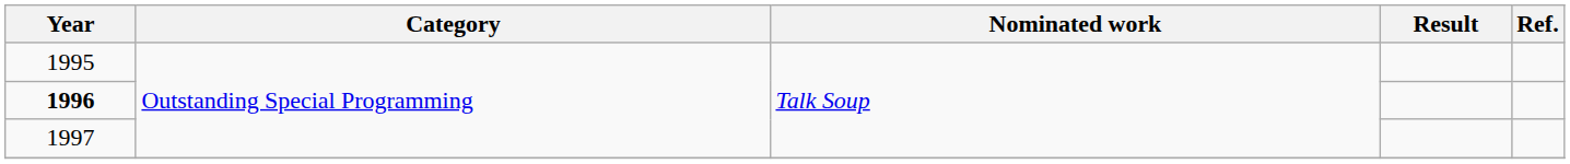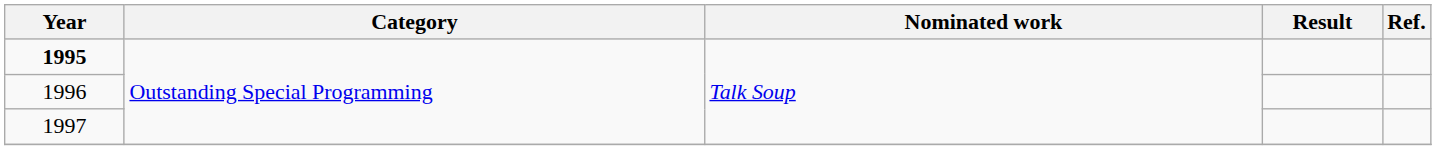 <table class=wikitable>
 <tr>
 <th scope="col" style="width:5em;">Year</th>
 <th scope="col" style="width:26em;">Category</th>
 <th scope="col" style="width:25em;">Nominated work</th>
 <th scope="col" style="width:5em;">Result</th>
 <th>Ref.</th>
 </tr>
 <tr>
-<td style="text-align:center;">1995</td>
+<td style="text-align:center;"><strong>1995</strong></td>
 <td rowspan=3><a href='#'>Outstanding Special Programming</a></td>
 <td rowspan=3><em><a href='#'>Talk Soup</a></em></td>
 <td></td>
 <td></td>
 </tr>
 <tr>
-<td style="text-align:center;"><strong>1996</strong></td>
+<td style="text-align:center;">1996</td>
 <td></td>
 <td></td>
 </tr>
 <tr>
 <td style="text-align:center;">1997</td>
 <td></td>
 <td></td>
 </tr>
 <tr>
 </tr>
 </table>
